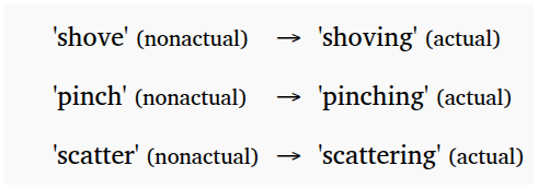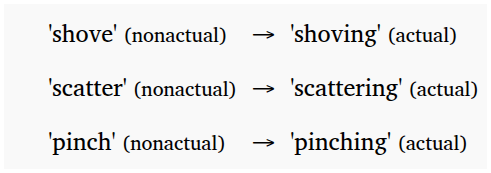 <table border="0" cellpadding="4" style="text-align: left; background: #f9f9f9; font-family: Charis Sil, Doulos Sil, Lucida Sans Unicode, Code2000, Arial Unicode MS, Aboriginal Serif, Aboriginal Sans, Everson Mono, Quivira;">
 <tr>
 <td>     <strong></strong> 'shove' <small>(nonactual)</small></td>
 <td>→</td>
 <td><strong></strong> 'shoving' <small>(actual)</small></td>
 </tr>
 <tr>
+<td>     <strong></strong> 'scatter' <small>(nonactual)</small></td>
+<td>→</td>
+<td><strong></strong> 'scattering' <small>(actual)</small></td>
+</tr>
+<tr>
 <td>     <strong></strong> 'pinch' <small>(nonactual)</small></td>
 <td>→</td>
 <td><strong></strong> 'pinching' <small>(actual)</small></td>
 </tr>
-<tr>
-<td>     <strong></strong> 'scatter' <small>(nonactual)</small></td>
-<td>→</td>
-<td><strong></strong> 'scattering' <small>(actual)</small></td>
-</tr>
 </table>
